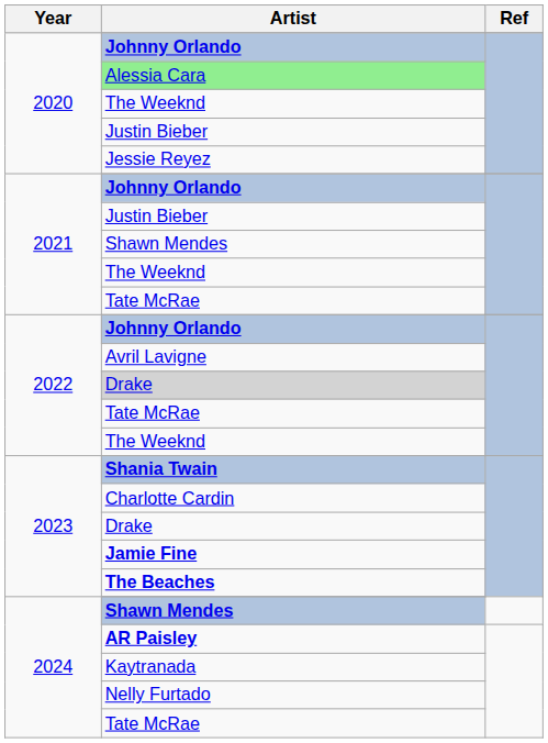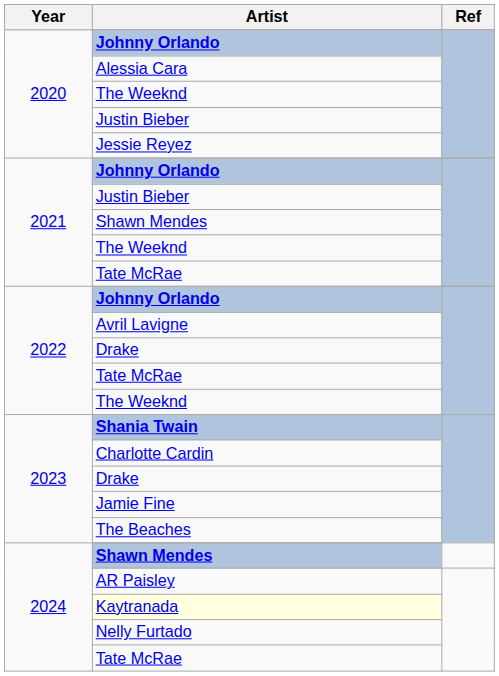 <table class="wikitable" style="width:55%;">
 <tr style="background:#bebebe;">
 <th style="width:10%;">Year</th>
 <th style="width:40%;">Artist</th>
 <th style="width:5%;">Ref</th>
 </tr>
 <tr>
 <td rowspan="6" align="center"><a href='#'>2020</a></td>
 </tr>
 <tr style="background:#B0C4DE">
 <td><strong><a href='#'>Johnny Orlando</a></strong></td>
 <td rowspan="5" align="center"></td>
 </tr>
 <tr>
-<td style="background: lightgreen;"><a href='#'>Alessia Cara</a></td>
+<td><a href='#'>Alessia Cara</a></td>
 </tr>
 <tr>
 <td><a href='#'>The Weeknd</a></td>
 </tr>
 <tr>
 <td><a href='#'>Justin Bieber</a></td>
 </tr>
 <tr>
 <td><a href='#'>Jessie Reyez</a></td>
 </tr>
 <tr>
 <td rowspan="6" align="center"><a href='#'>2021</a></td>
 </tr>
 <tr style="background:#B0C4DE">
 <td><strong><a href='#'>Johnny Orlando</a></strong></td>
 <td rowspan="5" align="center"></td>
 </tr>
 <tr>
 <td><a href='#'>Justin Bieber</a></td>
 </tr>
 <tr>
 <td><a href='#'>Shawn Mendes</a></td>
 </tr>
 <tr>
 <td><a href='#'>The Weeknd</a></td>
 </tr>
 <tr>
 <td><a href='#'>Tate McRae</a></td>
 </tr>
 <tr>
 <td rowspan="6" align="center"><a href='#'>2022</a></td>
 </tr>
 <tr style="background:#B0C4DE">
 <td><strong><a href='#'>Johnny Orlando</a></strong></td>
 <td rowspan="5" align="center"></td>
 </tr>
 <tr>
 <td><a href='#'>Avril Lavigne</a></td>
 </tr>
 <tr>
-<td style="background: lightgrey;"><a href='#'>Drake</a></td>
+<td><a href='#'>Drake</a></td>
 </tr>
 <tr>
 <td><a href='#'>Tate McRae</a></td>
 </tr>
 <tr>
 <td><a href='#'>The Weeknd</a></td>
 </tr>
 <tr>
 <td rowspan="6" align="center"><a href='#'>2023</a></td>
 </tr>
 <tr style="background:#B0C4DE">
 <td><strong><a href='#'>Shania Twain</a></strong></td>
 <td rowspan="5" align="center"></td>
 </tr>
 <tr>
 <td><a href='#'>Charlotte Cardin</a></td>
 </tr>
 <tr>
 <td><a href='#'>Drake</a></td>
 </tr>
 <tr>
-<td><strong><a href='#'>Jamie Fine</a></strong></td>
+<td><a href='#'>Jamie Fine</a></td>
 </tr>
 <tr>
-<td><strong><a href='#'>The Beaches</a></strong></td>
+<td><a href='#'>The Beaches</a></td>
 </tr>
 <tr>
 <td rowspan="6" align="center"><a href='#'>2024</a></td>
 </tr>
 <tr style="background:#B0C4DE">
 <td><strong><a href='#'>Shawn Mendes</a></strong></td>
 </tr>
 <tr>
-<td><strong><a href='#'>AR Paisley</a></strong></td>
+<td><a href='#'>AR Paisley</a></td>
 <td rowspan="6" align="center"></td>
 </tr>
 <tr>
-<td><a href='#'>Kaytranada</a></td>
+<td style="background: lightyellow;"><a href='#'>Kaytranada</a></td>
 </tr>
 <tr>
 <td><a href='#'>Nelly Furtado</a></td>
 </tr>
 <tr>
 <td><a href='#'>Tate McRae</a></td>
 </tr>
 </table>
